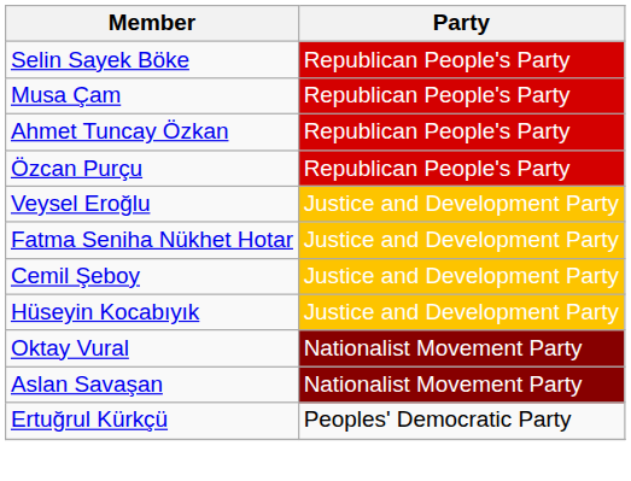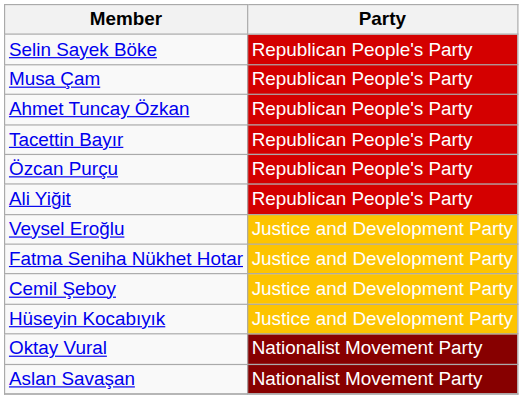 <table class="wikitable">
 <tr>
 <th>Member</th>
 <th>Party</th>
 </tr>
 <tr>
 <td><a href='#'>Selin Sayek Böke</a></td>
 <td style="background:#D40000; color:white">Republican People's Party</td>
 </tr>
 <tr>
 <td><a href='#'>Musa Çam</a></td>
 <td style="background:#D40000; color:white">Republican People's Party</td>
 </tr>
 <tr>
 <td><a href='#'>Ahmet Tuncay Özkan</a></td>
 <td style="background:#D40000; color:white">Republican People's Party</td>
 </tr>
 <tr>
+<td><a href='#'>Tacettin Bayır</a></td>
+<td style="background:#D40000; color:white">Republican People's Party</td>
+</tr>
+<tr>
 <td><a href='#'>Özcan Purçu</a></td>
+<td style="background:#D40000; color:white">Republican People's Party</td>
+</tr>
+<tr>
+<td><a href='#'>Ali Yiğit</a></td>
 <td style="background:#D40000; color:white">Republican People's Party</td>
 </tr>
 <tr>
 <td><a href='#'>Veysel Eroğlu</a></td>
 <td style="background:#FDC400; color:white">Justice and Development Party</td>
 </tr>
 <tr>
 <td><a href='#'>Fatma Seniha Nükhet Hotar</a></td>
 <td style="background:#FDC400; color:white">Justice and Development Party</td>
 </tr>
 <tr>
 <td><a href='#'>Cemil Şeboy</a></td>
 <td style="background:#FDC400; color:white">Justice and Development Party</td>
 </tr>
 <tr>
 <td><a href='#'>Hüseyin Kocabıyık</a></td>
 <td style="background:#FDC400; color:white">Justice and Development Party</td>
 </tr>
 <tr>
 <td><a href='#'>Oktay Vural</a></td>
 <td style="background:#870000; color:white">Nationalist Movement Party</td>
 </tr>
 <tr>
 <td><a href='#'>Aslan Savaşan</a></td>
 <td style="background:#870000; color:white">Nationalist Movement Party</td>
 </tr>
 <tr>
-<td><a href='#'>Ertuğrul Kürkçü</a></td>
-<td style="background:">Peoples' Democratic Party</td>
-</tr>
-<tr>
 </tr>
 </table>
